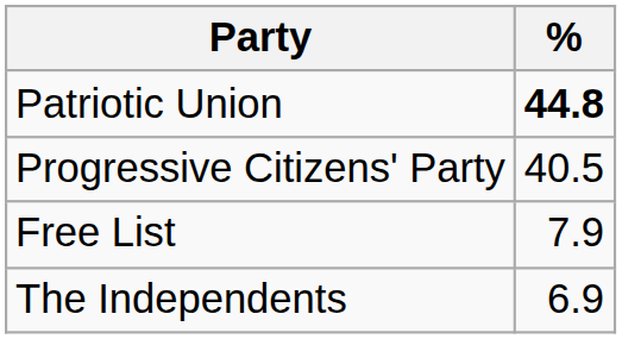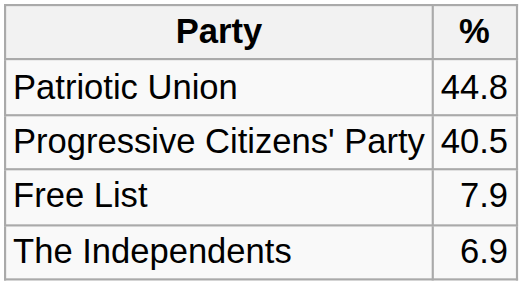 <table class=wikitable style=text-align:right>
 <tr>
 <th>Party</th>
 <th>%</th>
 </tr>
 <tr>
 <td align=left>Patriotic Union</td>
-<td><strong>44.8</strong></td>
+<td>44.8</td>
 </tr>
 <tr>
 <td align=left>Progressive Citizens' Party</td>
 <td>40.5</td>
 </tr>
 <tr>
 <td align=left>Free List</td>
 <td>7.9</td>
 </tr>
 <tr>
 <td align=left>The Independents</td>
 <td>6.9</td>
 </tr>
 </table>
